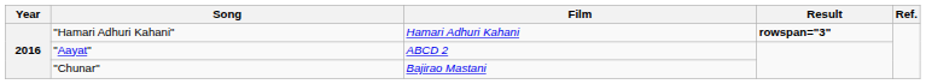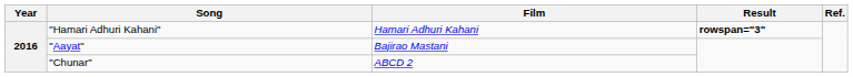 <table class="wikitable plainrowheaders" width="100%" "textcolor:#000;">
 <tr>
 <th scope="col" width=5%><strong>Year</strong></th>
 <th scope="col" width=39%><strong>Song</strong></th>
 <th scope="col" width=39%><strong>Film</strong></th>
 <th scope="col" width=15%><strong>Result</strong></th>
 <th scope="col" width=2%><strong>Ref.</strong></th>
 </tr>
 <tr>
 <th rowspan="3" scope="row">2016</th>
 <td>"Hamari Adhuri Kahani"</td>
 <td><em><a href='#'>Hamari Adhuri Kahani</a></em></td>
 <td><strong>rowspan="3" </strong></td>
 <td rowspan="3"></td>
 </tr>
 <tr>
 <td>"<a href='#'>Aayat</a>"</td>
-<td><em><a href='#'>ABCD 2</a></em></td>
+<td><em><a href='#'>Bajirao Mastani</a></em></td>
 </tr>
 <tr>
 <td>"Chunar"</td>
-<td><em><a href='#'>Bajirao Mastani</a></em></td>
+<td><em><a href='#'>ABCD 2</a></em></td>
 </tr>
 </table>
